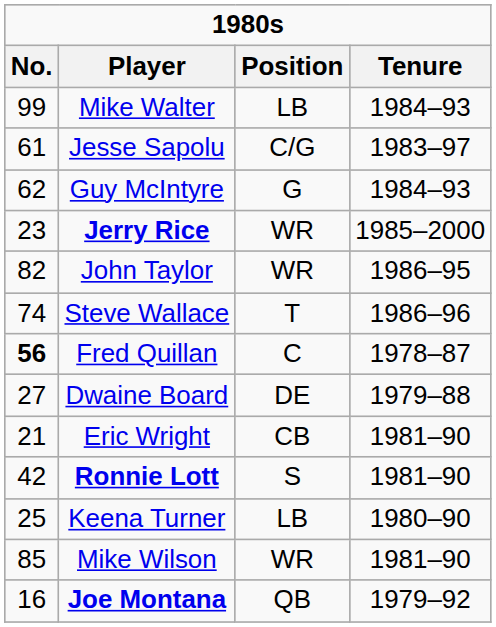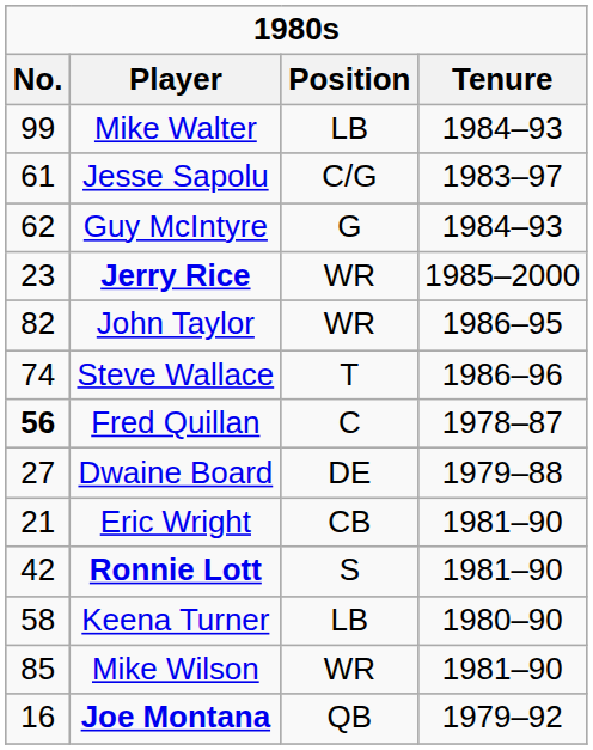 <table class="wikitable" style="text-align:center">
 <tr>
 <td colspan="4"><strong>1980s</strong></td>
 </tr>
 <tr>
 <th>No.</th>
 <th>Player</th>
 <th>Position</th>
 <th>Tenure</th>
 </tr>
 <tr>
 <td>99</td>
 <td><a href='#'>Mike Walter</a></td>
 <td>LB</td>
 <td>1984–93</td>
 </tr>
 <tr>
 <td>61</td>
 <td><a href='#'>Jesse Sapolu</a></td>
 <td>C/G</td>
 <td>1983–97</td>
 </tr>
 <tr>
 <td>62</td>
 <td><a href='#'>Guy McIntyre</a></td>
 <td>G</td>
 <td>1984–93</td>
 </tr>
 <tr>
 <td>23</td>
 <td><strong><a href='#'>Jerry Rice</a></strong></td>
 <td>WR</td>
 <td>1985–2000</td>
 </tr>
 <tr>
 <td>82</td>
 <td><a href='#'>John Taylor</a></td>
 <td>WR</td>
 <td>1986–95</td>
 </tr>
 <tr>
 <td>74</td>
 <td><a href='#'>Steve Wallace</a></td>
 <td>T</td>
 <td>1986–96</td>
 </tr>
 <tr>
 <td><strong>56</strong></td>
 <td><a href='#'>Fred Quillan</a></td>
 <td>C</td>
 <td>1978–87</td>
 </tr>
 <tr>
 <td>27</td>
 <td><a href='#'>Dwaine Board</a></td>
 <td>DE</td>
 <td>1979–88</td>
 </tr>
 <tr>
 <td>21</td>
 <td><a href='#'>Eric Wright</a></td>
 <td>CB</td>
 <td>1981–90</td>
 </tr>
 <tr>
 <td>42</td>
 <td><strong><a href='#'>Ronnie Lott</a></strong></td>
 <td>S</td>
 <td>1981–90</td>
 </tr>
 <tr>
-<td>25</td>
+<td>58</td>
 <td><a href='#'>Keena Turner</a></td>
 <td>LB</td>
 <td>1980–90</td>
 </tr>
 <tr>
 <td>85</td>
 <td><a href='#'>Mike Wilson</a></td>
 <td>WR</td>
 <td>1981–90</td>
 </tr>
 <tr>
 <td>16</td>
 <td><strong><a href='#'>Joe Montana</a></strong></td>
 <td>QB</td>
 <td>1979–92</td>
 </tr>
 </table>
